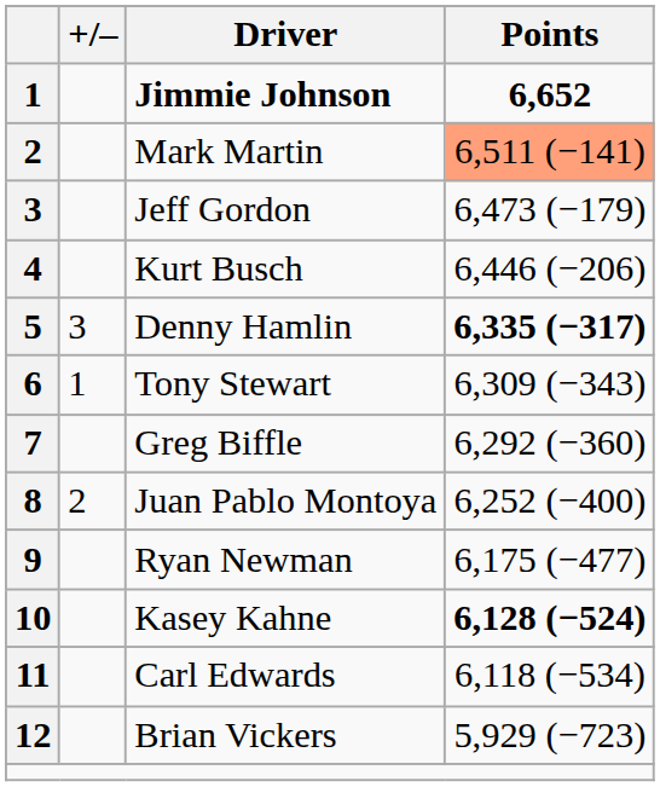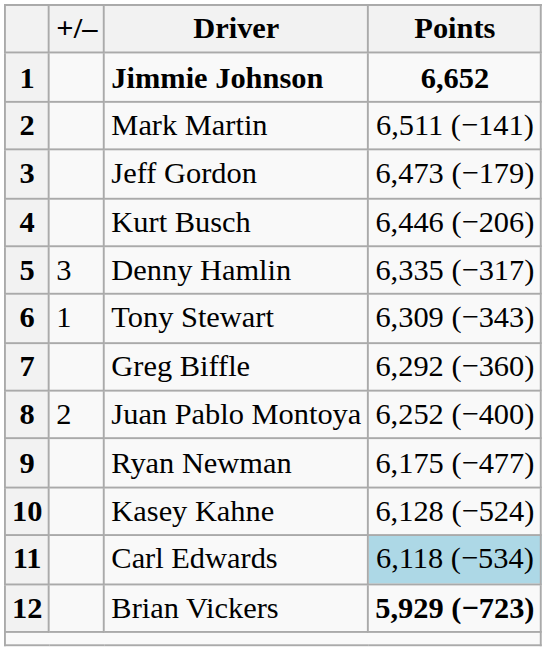 <table class="wikitable">
 <tr>
 </tr>
 <tr>
 <th scope="col"></th>
 <th scope="col">+/–</th>
 <th scope="col">Driver</th>
 <th scope="col">Points</th>
 </tr>
 <tr>
 <th scope="row">1</th>
 <td align="left"></td>
 <td><strong>Jimmie Johnson</strong></td>
 <td style="text-align:center;"><strong>6,652</strong></td>
 </tr>
 <tr>
 <th scope="row">2</th>
 <td align="left"></td>
 <td>Mark Martin</td>
-<td style="background: lightsalmon; text-align:center;">6,511 (−141)</td>
+<td style="text-align:center;">6,511 (−141)</td>
 </tr>
 <tr>
 <th scope="row">3</th>
 <td align="left"></td>
 <td>Jeff Gordon</td>
 <td style="text-align:center;">6,473 (−179)</td>
 </tr>
 <tr>
 <th scope="row">4</th>
 <td align="left"></td>
 <td>Kurt Busch</td>
 <td style="text-align:center;">6,446 (−206)</td>
 </tr>
 <tr>
 <th scope="row">5</th>
 <td align="left"> 3</td>
 <td>Denny Hamlin</td>
-<td style="text-align:center;"><strong>6,335 (−317)</strong></td>
+<td style="text-align:center;">6,335 (−317)</td>
 </tr>
 <tr>
 <th scope="row">6</th>
 <td align="left"> 1</td>
 <td>Tony Stewart</td>
 <td style="text-align:center;">6,309 (−343)</td>
 </tr>
 <tr>
 <th scope="row">7</th>
 <td align="left"></td>
 <td>Greg Biffle</td>
 <td style="text-align:center;">6,292 (−360)</td>
 </tr>
 <tr>
 <th scope="row">8</th>
 <td align="left"> 2</td>
 <td>Juan Pablo Montoya</td>
 <td style="text-align:center;">6,252 (−400)</td>
 </tr>
 <tr>
 <th scope="row">9</th>
 <td align="left"></td>
 <td>Ryan Newman</td>
 <td style="text-align:center;">6,175 (−477)</td>
 </tr>
 <tr>
 <th scope="row">10</th>
 <td align="left"></td>
 <td>Kasey Kahne</td>
-<td style="text-align:center;"><strong>6,128 (−524)</strong></td>
+<td style="text-align:center;">6,128 (−524)</td>
 </tr>
 <tr>
 <th scope="row">11</th>
 <td align="left"></td>
 <td>Carl Edwards</td>
-<td style="text-align:center;">6,118 (−534)</td>
+<td style="background: lightblue; text-align:center;">6,118 (−534)</td>
 </tr>
 <tr>
 <th scope="row">12</th>
 <td align="left"></td>
 <td>Brian Vickers</td>
-<td style="text-align:center;">5,929 (−723)</td>
+<td style="text-align:center;"><strong>5,929 (−723)</strong></td>
 </tr>
 <tr class="sortbottom">
 <td colspan="9"></td>
 </tr>
 </table>
